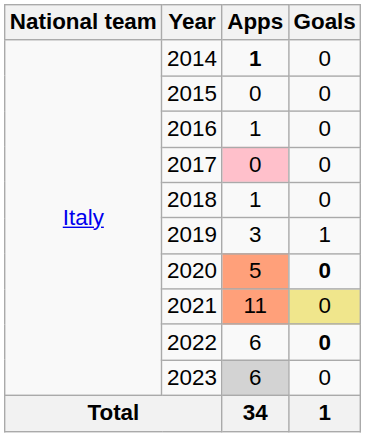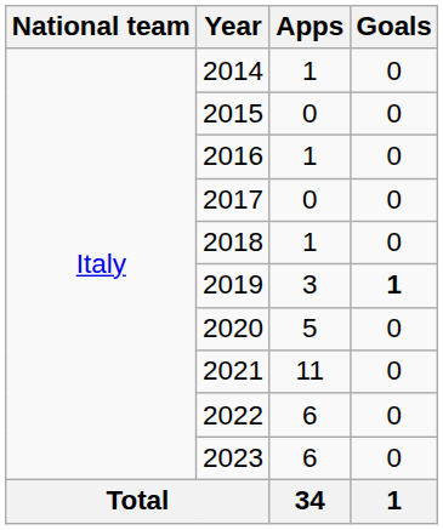 <table class="wikitable" style="text-align:center">
 <tr>
 <th>National team</th>
 <th>Year</th>
 <th>Apps</th>
 <th>Goals</th>
 </tr>
 <tr>
 <td rowspan="10"><a href='#'>Italy</a></td>
 <td>2014</td>
-<td><strong>1</strong></td>
+<td>1</td>
 <td>0</td>
 </tr>
 <tr>
 <td>2015</td>
 <td>0</td>
 <td>0</td>
 </tr>
 <tr>
 <td>2016</td>
 <td>1</td>
 <td>0</td>
 </tr>
 <tr>
 <td>2017</td>
-<td style="background: pink;">0</td>
+<td>0</td>
 <td>0</td>
 </tr>
 <tr>
 <td>2018</td>
 <td>1</td>
 <td>0</td>
 </tr>
 <tr>
 <td>2019</td>
 <td>3</td>
-<td>1</td>
+<td><strong>1</strong></td>
 </tr>
 <tr>
 <td>2020</td>
-<td style="background: lightsalmon;">5</td>
-<td><strong>0</strong></td>
+<td>5</td>
+<td>0</td>
 </tr>
 <tr>
 <td>2021</td>
-<td style="background: lightsalmon;">11</td>
-<td style="background: khaki;">0</td>
+<td>11</td>
+<td>0</td>
 </tr>
 <tr>
 <td>2022</td>
 <td>6</td>
-<td><strong>0</strong></td>
+<td>0</td>
 </tr>
 <tr>
 <td>2023</td>
-<td style="background: lightgrey;">6</td>
+<td>6</td>
 <td>0</td>
 </tr>
 <tr>
 <th colspan="2">Total</th>
 <th>34</th>
 <th>1</th>
 </tr>
 </table>
